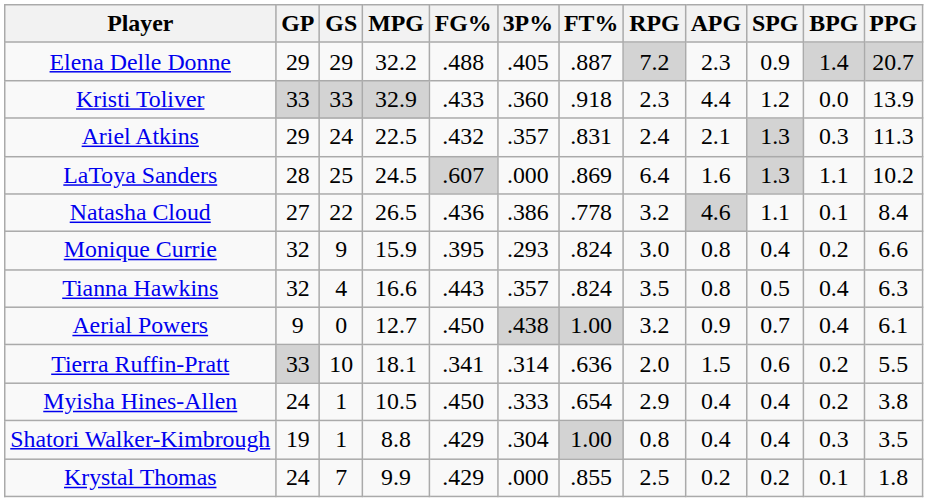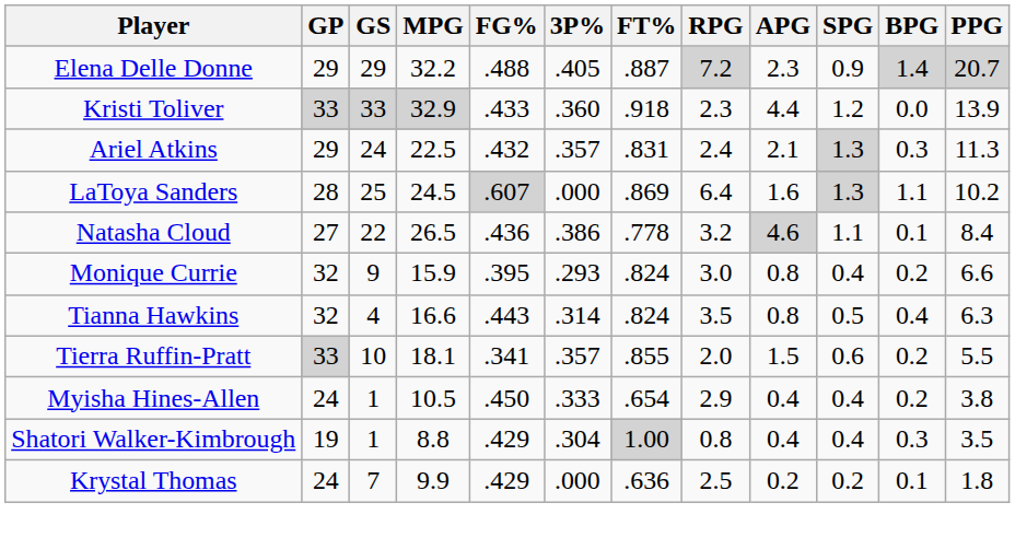 <table class="wikitable sortable" style="text-align:center;">
 <tr>
 <th>Player</th>
 <th>GP</th>
 <th>GS</th>
 <th>MPG</th>
 <th>FG%</th>
 <th>3P%</th>
 <th>FT%</th>
 <th>RPG</th>
 <th>APG</th>
 <th>SPG</th>
 <th>BPG</th>
 <th>PPG</th>
 </tr>
 <tr>
 <td><a href='#'>Elena Delle Donne</a></td>
 <td>29</td>
 <td>29</td>
 <td>32.2</td>
 <td>.488</td>
 <td>.405</td>
 <td>.887</td>
 <td style="background:#D3D3D3;">7.2</td>
 <td>2.3</td>
 <td>0.9</td>
 <td style="background:#D3D3D3;">1.4</td>
 <td style="background:#D3D3D3;">20.7</td>
 </tr>
 <tr>
 <td><a href='#'>Kristi Toliver</a></td>
 <td style="background:#D3D3D3;">33</td>
 <td style="background:#D3D3D3;">33</td>
 <td style="background:#D3D3D3;">32.9</td>
 <td>.433</td>
 <td>.360</td>
 <td>.918</td>
 <td>2.3</td>
 <td>4.4</td>
 <td>1.2</td>
 <td>0.0</td>
 <td>13.9</td>
 </tr>
 <tr>
 <td><a href='#'>Ariel Atkins</a></td>
 <td>29</td>
 <td>24</td>
 <td>22.5</td>
 <td>.432</td>
 <td>.357</td>
 <td>.831</td>
 <td>2.4</td>
 <td>2.1</td>
 <td style="background:#D3D3D3;">1.3</td>
 <td>0.3</td>
 <td>11.3</td>
 </tr>
 <tr>
 <td><a href='#'>LaToya Sanders</a></td>
 <td>28</td>
 <td>25</td>
 <td>24.5</td>
 <td style="background:#D3D3D3;">.607</td>
 <td>.000</td>
 <td>.869</td>
 <td>6.4</td>
 <td>1.6</td>
 <td style="background:#D3D3D3;">1.3</td>
 <td>1.1</td>
 <td>10.2</td>
 </tr>
 <tr>
 <td><a href='#'>Natasha Cloud</a></td>
 <td>27</td>
 <td>22</td>
 <td>26.5</td>
 <td>.436</td>
 <td>.386</td>
 <td>.778</td>
 <td>3.2</td>
 <td style="background:#D3D3D3;">4.6</td>
 <td>1.1</td>
 <td>0.1</td>
 <td>8.4</td>
 </tr>
 <tr>
 <td><a href='#'>Monique Currie</a></td>
 <td>32</td>
 <td>9</td>
 <td>15.9</td>
 <td>.395</td>
 <td>.293</td>
 <td>.824</td>
 <td>3.0</td>
 <td>0.8</td>
 <td>0.4</td>
 <td>0.2</td>
 <td>6.6</td>
 </tr>
 <tr>
 <td><a href='#'>Tianna Hawkins</a></td>
 <td>32</td>
 <td>4</td>
 <td>16.6</td>
 <td>.443</td>
-<td>.357</td>
+<td>.314</td>
 <td>.824</td>
 <td>3.5</td>
 <td>0.8</td>
 <td>0.5</td>
 <td>0.4</td>
 <td>6.3</td>
 </tr>
 <tr>
-<td><a href='#'>Aerial Powers</a></td>
-<td>9</td>
-<td>0</td>
-<td>12.7</td>
-<td>.450</td>
-<td style="background:#D3D3D3;">.438</td>
-<td style="background:#D3D3D3;">1.00</td>
-<td>3.2</td>
-<td>0.9</td>
-<td>0.7</td>
-<td>0.4</td>
-<td>6.1</td>
-</tr>
-<tr>
 <td><a href='#'>Tierra Ruffin-Pratt</a></td>
 <td style="background:#D3D3D3;">33</td>
 <td>10</td>
 <td>18.1</td>
 <td>.341</td>
-<td>.314</td>
-<td>.636</td>
+<td>.357</td>
+<td>.855</td>
 <td>2.0</td>
 <td>1.5</td>
 <td>0.6</td>
 <td>0.2</td>
 <td>5.5</td>
 </tr>
 <tr>
 <td><a href='#'>Myisha Hines-Allen</a></td>
 <td>24</td>
 <td>1</td>
 <td>10.5</td>
 <td>.450</td>
 <td>.333</td>
 <td>.654</td>
 <td>2.9</td>
 <td>0.4</td>
 <td>0.4</td>
 <td>0.2</td>
 <td>3.8</td>
 </tr>
 <tr>
 <td><a href='#'>Shatori Walker-Kimbrough</a></td>
 <td>19</td>
 <td>1</td>
 <td>8.8</td>
 <td>.429</td>
 <td>.304</td>
 <td style="background:#D3D3D3;">1.00</td>
 <td>0.8</td>
 <td>0.4</td>
 <td>0.4</td>
 <td>0.3</td>
 <td>3.5</td>
 </tr>
 <tr>
 <td><a href='#'>Krystal Thomas</a></td>
 <td>24</td>
 <td>7</td>
 <td>9.9</td>
 <td>.429</td>
 <td>.000</td>
-<td>.855</td>
+<td>.636</td>
 <td>2.5</td>
 <td>0.2</td>
 <td>0.2</td>
 <td>0.1</td>
 <td>1.8</td>
 </tr>
 </table>
